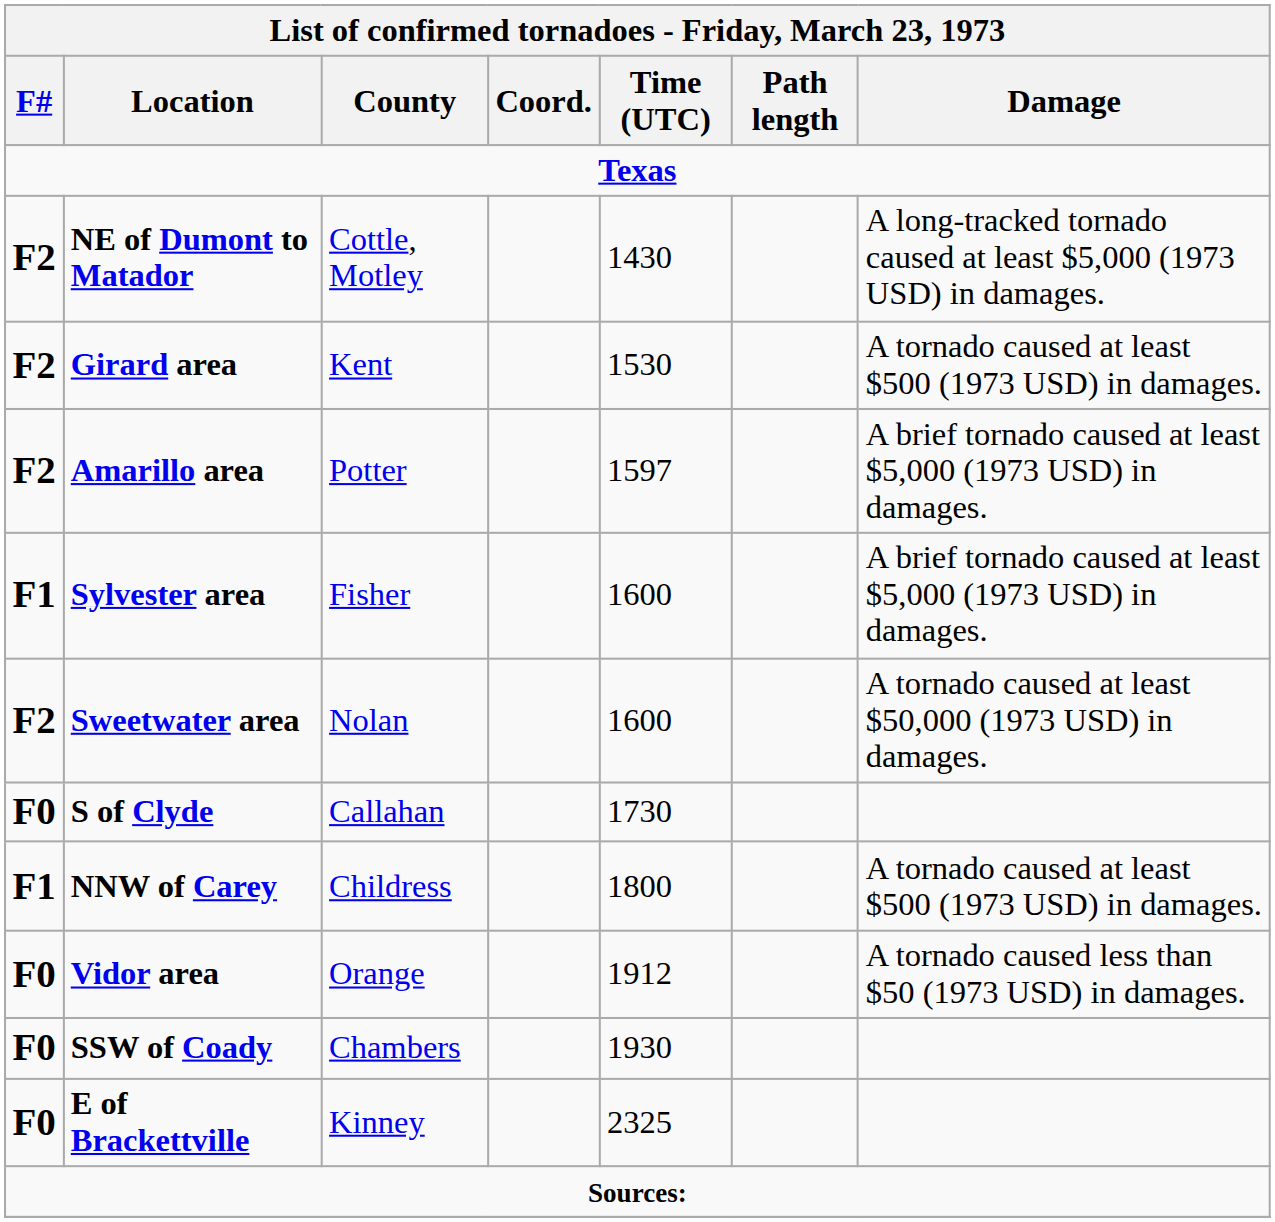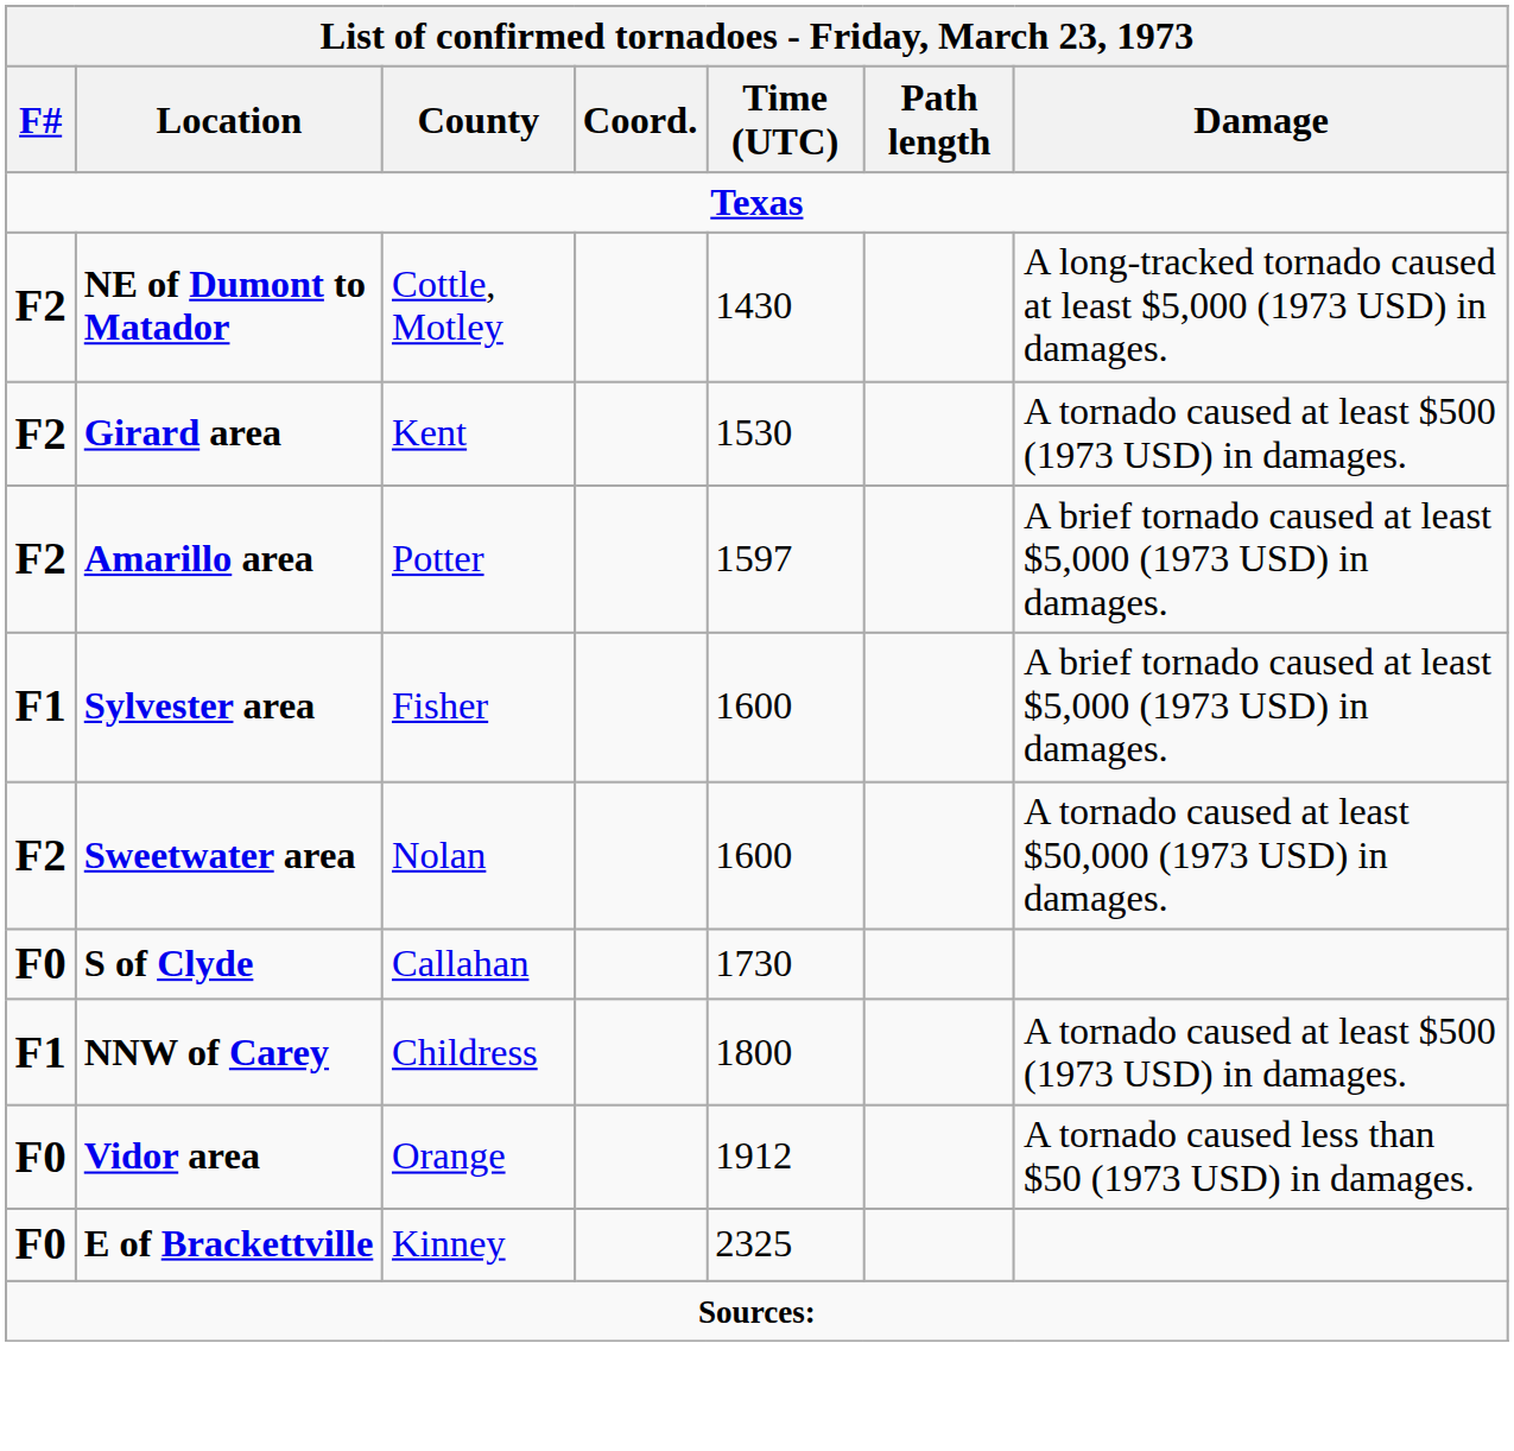 <table class="wikitable collapsible" width="100%">
 <tr>
 <th colspan="7">List of confirmed tornadoes - Friday, March 23, 1973</th>
 </tr>
 <tr>
 <th><a href='#'>F#</a></th>
 <th>Location</th>
 <th>County</th>
 <th>Coord.</th>
 <th>Time (UTC)</th>
 <th>Path length</th>
 <th>Damage</th>
 </tr>
 <tr>
 <td colspan="7" align=center><strong><a href='#'>Texas</a></strong></td>
 </tr>
 <tr>
 <td><big><strong>F2</strong></big></td>
 <td><strong>NE of <a href='#'>Dumont</a> to <a href='#'>Matador</a></strong></td>
 <td><a href='#'>Cottle</a>, <a href='#'>Motley</a></td>
 <td></td>
 <td>1430</td>
 <td></td>
 <td>A long-tracked tornado caused at least $5,000 (1973 USD) in damages.</td>
 </tr>
 <tr>
 <td><big><strong>F2</strong></big></td>
 <td><strong><a href='#'>Girard</a> area</strong></td>
 <td><a href='#'>Kent</a></td>
 <td></td>
 <td>1530</td>
 <td></td>
 <td>A tornado caused at least $500 (1973 USD) in damages.</td>
 </tr>
 <tr>
 <td><big><strong>F2</strong></big></td>
 <td><strong><a href='#'>Amarillo</a> area</strong></td>
 <td><a href='#'>Potter</a></td>
 <td></td>
 <td>1597</td>
 <td></td>
 <td>A brief tornado caused at least $5,000 (1973 USD) in damages.</td>
 </tr>
 <tr>
 <td><big><strong>F1</strong></big></td>
 <td><strong><a href='#'>Sylvester</a> area</strong></td>
 <td><a href='#'>Fisher</a></td>
 <td></td>
 <td>1600</td>
 <td></td>
 <td>A brief tornado caused at least $5,000 (1973 USD) in damages.</td>
 </tr>
 <tr>
 <td><big><strong>F2</strong></big></td>
 <td><strong><a href='#'>Sweetwater</a> area</strong></td>
 <td><a href='#'>Nolan</a></td>
 <td></td>
 <td>1600</td>
 <td></td>
 <td>A tornado caused at least $50,000 (1973 USD) in damages.</td>
 </tr>
 <tr>
 <td><big><strong>F0</strong></big></td>
 <td><strong>S of <a href='#'>Clyde</a></strong></td>
 <td><a href='#'>Callahan</a></td>
 <td></td>
 <td>1730</td>
 <td></td>
 <td></td>
 </tr>
 <tr>
 <td><big><strong>F1</strong></big></td>
 <td><strong>NNW of <a href='#'>Carey</a></strong></td>
 <td><a href='#'>Childress</a></td>
 <td></td>
 <td>1800</td>
 <td></td>
 <td>A tornado caused at least $500 (1973 USD) in damages.</td>
 </tr>
 <tr>
 <td><big><strong>F0</strong></big></td>
 <td><strong><a href='#'>Vidor</a> area</strong></td>
 <td><a href='#'>Orange</a></td>
 <td></td>
 <td>1912</td>
 <td></td>
 <td>A tornado caused less than $50 (1973 USD) in damages.</td>
 </tr>
 <tr>
 <td><big><strong>F0</strong></big></td>
-<td><strong>SSW of <a href='#'>Coady</a></strong></td>
-<td><a href='#'>Chambers</a></td>
-<td></td>
-<td>1930</td>
-<td></td>
-<td></td>
-</tr>
-<tr>
-<td><big><strong>F0</strong></big></td>
 <td><strong>E of <a href='#'>Brackettville</a></strong></td>
 <td><a href='#'>Kinney</a></td>
 <td></td>
 <td>2325</td>
 <td></td>
 <td></td>
 </tr>
 <tr>
 <td colspan="7" align="center"><small><strong>Sources:</strong> </small></td>
 </tr>
 <tr>
 </tr>
 </table>
